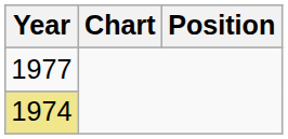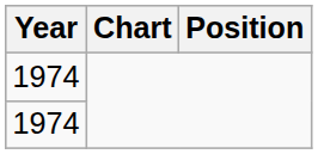 <table class="wikitable">
 <tr>
 <th>Year</th>
 <th>Chart</th>
 <th>Position</th>
 </tr>
 <tr>
-<td>1977<br></td>
+<td>1974<br></td>
 </tr>
 <tr>
-<td style="background: khaki;">1974<br></td>
+<td>1974<br></td>
 </tr>
 </table>
